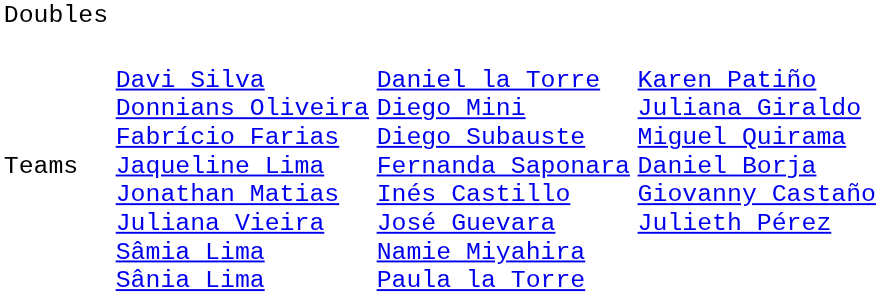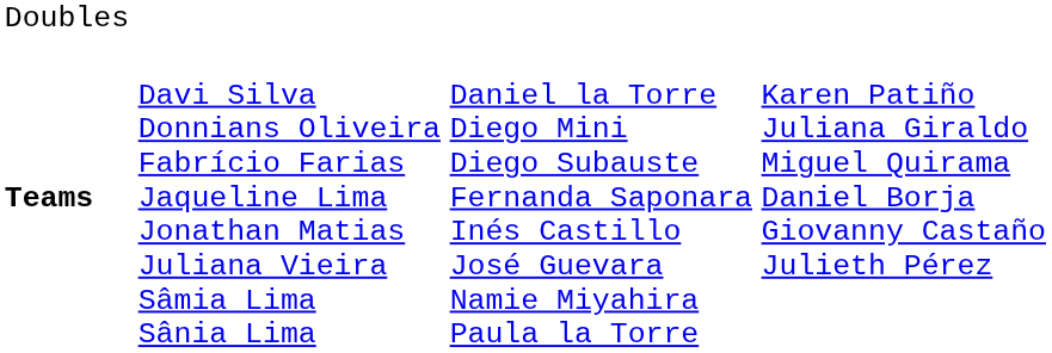 <table>
 <tr>
 <td rowspan=2>Doubles</td>
 <td rowspan=2></td>
 <td rowspan=2></td>
 <td></td>
 </tr>
 <tr>
 <td></td>
 </tr>
 <tr>
-<td>Teams</td>
+<td><strong>Teams</strong></td>
 <td valign=top><br> <a href='#'>Davi Silva</a><br> <a href='#'>Donnians Oliveira</a><br> <a href='#'>Fabrício Farias</a><br> <a href='#'>Jaqueline Lima</a><br> <a href='#'>Jonathan Matias</a><br> <a href='#'>Juliana Vieira</a><br> <a href='#'>Sâmia Lima</a><br> <a href='#'>Sânia Lima</a></td>
 <td valign=top><br> <a href='#'>Daniel la Torre</a><br> <a href='#'>Diego Mini</a><br> <a href='#'>Diego Subauste</a><br> <a href='#'>Fernanda Saponara</a><br> <a href='#'>Inés Castillo</a><br> <a href='#'>José Guevara</a><br> <a href='#'>Namie Miyahira</a><br> <a href='#'>Paula la Torre</a></td>
 <td valign=top><br> <a href='#'>Karen Patiño</a><br> <a href='#'>Juliana Giraldo</a><br> <a href='#'>Miguel Quirama</a><br> <a href='#'>Daniel Borja</a><br> <a href='#'>Giovanny Castaño</a><br> <a href='#'>Julieth Pérez</a></td>
 </tr>
 </table>
